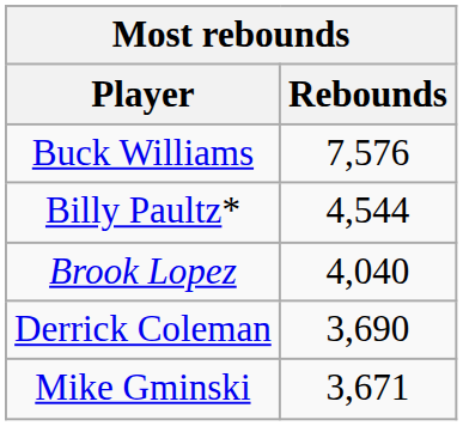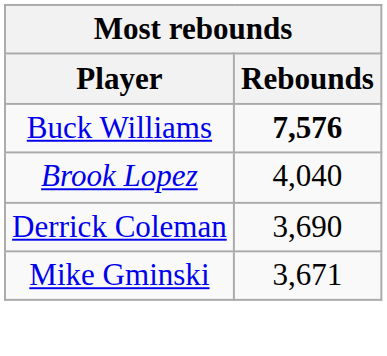 <table class="wikitable sortable" style="text-align:center">
 <tr>
 <th colspan="2" style="text-align:center; ">Most rebounds</th>
 </tr>
 <tr>
 <th style="text-align:center; ">Player</th>
 <th style="text-align:center; ">Rebounds</th>
 </tr>
 <tr>
 <td><a href='#'>Buck Williams</a></td>
-<td>7,576</td>
-</tr>
-<tr>
-<td><a href='#'>Billy Paultz</a>*</td>
-<td>4,544</td>
+<td><strong>7,576</strong></td>
 </tr>
 <tr>
 <td><em><a href='#'>Brook Lopez</a></em></td>
 <td>4,040</td>
 </tr>
 <tr>
 <td><a href='#'>Derrick Coleman</a></td>
 <td>3,690</td>
 </tr>
 <tr>
 <td><a href='#'>Mike Gminski</a></td>
 <td>3,671</td>
 </tr>
 </table>
